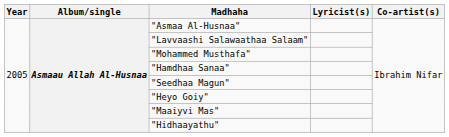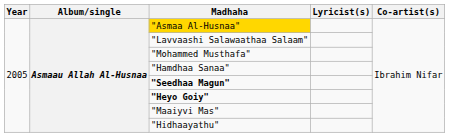 <table class="wikitable plainrowheaders">
 <tr>
 <th scope="col">Year</th>
 <th scope="col">Album/single</th>
 <th scope="col">Madhaha</th>
 <th scope="col">Lyricist(s)</th>
 <th scope="col">Co-artist(s)</th>
 </tr>
 <tr>
 <td rowspan="8">2005</td>
 <th scope="row" rowspan="8"><em>Asmaau Allah Al-Husnaa</em></th>
-<td>"Asmaa Al-Husnaa"</td>
+<td style="background: gold;">"Asmaa Al-Husnaa"</td>
 <td></td>
 <td rowspan="8">Ibrahim Nifar</td>
 </tr>
 <tr>
 <td>"Lavvaashi Salawaathaa Salaam"</td>
 <td></td>
 </tr>
 <tr>
 <td>"Mohammed Musthafa"</td>
 <td></td>
 </tr>
 <tr>
 <td>"Hamdhaa Sanaa"</td>
 <td></td>
 </tr>
 <tr>
-<td>"Seedhaa Magun"</td>
+<td><strong>"Seedhaa Magun"</strong></td>
 <td></td>
 </tr>
 <tr>
-<td>"Heyo Goiy"</td>
+<td><strong>"Heyo Goiy"</strong></td>
 <td></td>
 </tr>
 <tr>
 <td>"Maaiyvi Mas"</td>
 <td></td>
 </tr>
 <tr>
 <td>"Hidhaayathu"</td>
 <td></td>
 </tr>
 </table>
